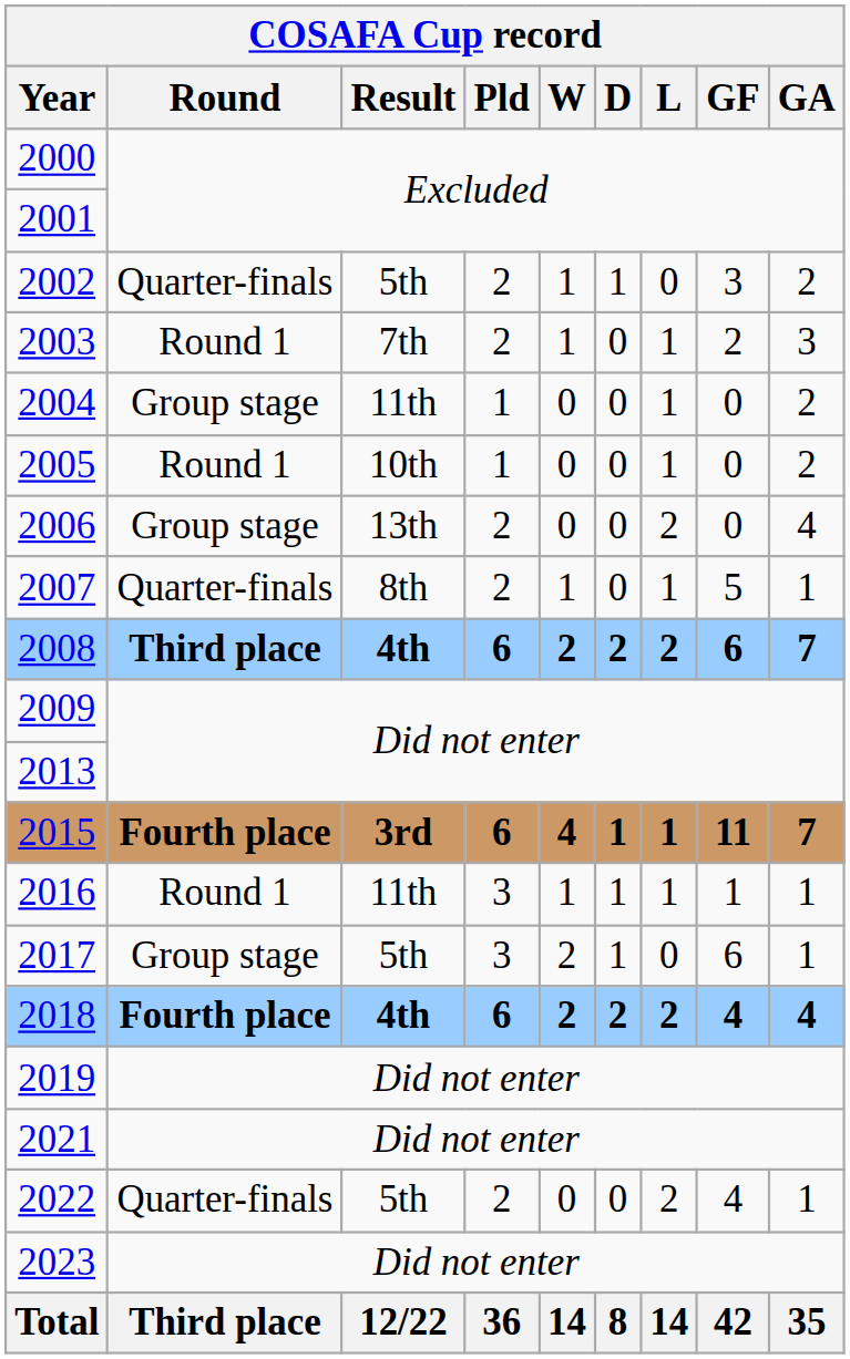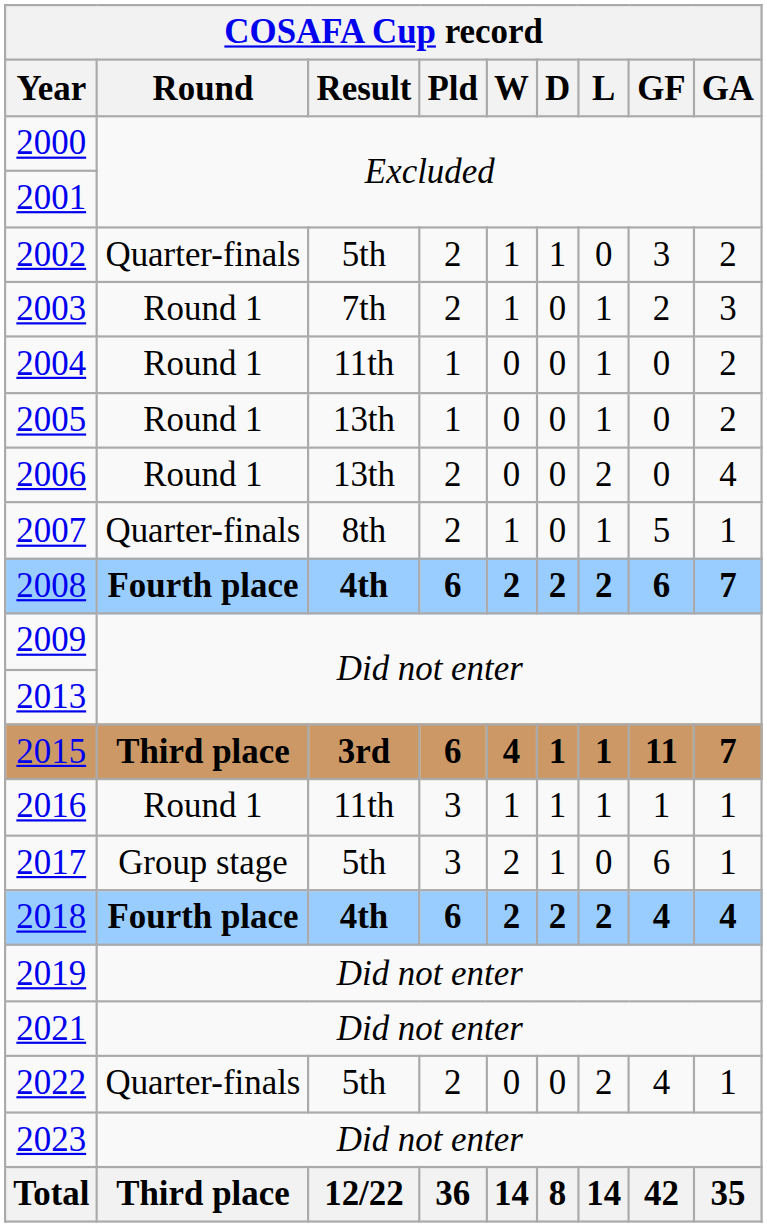 <table class="wikitable" style="text-align: center;">
 <tr>
 <th colspan=9><a href='#'>COSAFA Cup</a> record</th>
 </tr>
 <tr>
 <th>Year</th>
 <th>Round</th>
 <th>Result</th>
 <th>Pld</th>
 <th>W</th>
 <th>D</th>
 <th>L</th>
 <th>GF</th>
 <th>GA</th>
 </tr>
 <tr>
 <td><a href='#'>2000</a></td>
 <td colspan=8 rowspan=2><em>Excluded</em></td>
 </tr>
 <tr>
 <td><a href='#'>2001</a></td>
 </tr>
 <tr>
 <td><a href='#'>2002</a></td>
 <td>Quarter-finals</td>
 <td>5th</td>
 <td>2</td>
 <td>1</td>
 <td>1</td>
 <td>0</td>
 <td>3</td>
 <td>2</td>
 </tr>
 <tr>
 <td><a href='#'>2003</a></td>
 <td>Round 1</td>
 <td>7th</td>
 <td>2</td>
 <td>1</td>
 <td>0</td>
 <td>1</td>
 <td>2</td>
 <td>3</td>
 </tr>
 <tr>
 <td><a href='#'>2004</a></td>
-<td>Group stage</td>
+<td>Round 1</td>
 <td>11th</td>
 <td>1</td>
 <td>0</td>
 <td>0</td>
 <td>1</td>
 <td>0</td>
 <td>2</td>
 </tr>
 <tr>
 <td><a href='#'>2005</a></td>
 <td>Round 1</td>
-<td>10th</td>
+<td>13th</td>
 <td>1</td>
 <td>0</td>
 <td>0</td>
 <td>1</td>
 <td>0</td>
 <td>2</td>
 </tr>
 <tr>
 <td><a href='#'>2006</a></td>
-<td>Group stage</td>
+<td>Round 1</td>
 <td>13th</td>
 <td>2</td>
 <td>0</td>
 <td>0</td>
 <td>2</td>
 <td>0</td>
 <td>4</td>
 </tr>
 <tr>
 <td><a href='#'>2007</a></td>
 <td>Quarter-finals</td>
 <td>8th</td>
 <td>2</td>
 <td>1</td>
 <td>0</td>
 <td>1</td>
 <td>5</td>
 <td>1</td>
 </tr>
 <tr style="background:#9acdff;">
 <td> <a href='#'>2008</a></td>
-<td colspan=1><strong>Third place</strong></td>
+<td><strong>Fourth place</strong></td>
 <td><strong>4th</strong></td>
 <td><strong>6</strong></td>
 <td><strong>2</strong></td>
 <td><strong>2</strong></td>
 <td><strong>2</strong></td>
 <td><strong>6</strong></td>
 <td><strong>7</strong></td>
 </tr>
 <tr>
 <td> <a href='#'>2009</a></td>
 <td colspan=8 rowspan=2><em>Did not enter</em></td>
 </tr>
 <tr>
 <td> <a href='#'>2013</a></td>
 </tr>
 <tr style="background:#c96;">
 <td> <a href='#'>2015</a></td>
-<td><strong>Fourth place</strong></td>
+<td colspan=1><strong>Third place</strong></td>
 <td><strong>3rd</strong></td>
 <td><strong>6</strong></td>
 <td><strong>4</strong></td>
 <td><strong>1</strong></td>
 <td><strong>1</strong></td>
 <td><strong>11</strong></td>
 <td><strong>7</strong></td>
 </tr>
 <tr>
 <td> <a href='#'>2016</a></td>
 <td>Round 1</td>
 <td>11th</td>
 <td>3</td>
 <td>1</td>
 <td>1</td>
 <td>1</td>
 <td>1</td>
 <td>1</td>
 </tr>
 <tr>
 <td> <a href='#'>2017</a></td>
 <td>Group stage</td>
 <td>5th</td>
 <td>3</td>
 <td>2</td>
 <td>1</td>
 <td>0</td>
 <td>6</td>
 <td>1</td>
 </tr>
 <tr style="background:#9acdff;">
 <td> <a href='#'>2018</a></td>
 <td><strong>Fourth place</strong></td>
 <td><strong>4th</strong></td>
 <td><strong>6</strong></td>
 <td><strong>2</strong></td>
 <td><strong>2</strong></td>
 <td><strong>2</strong></td>
 <td><strong>4</strong></td>
 <td><strong>4</strong></td>
 </tr>
 <tr>
 <td> <a href='#'>2019</a></td>
 <td colspan=8 rowspan=1><em>Did not enter</em></td>
 </tr>
 <tr>
 <td> <a href='#'>2021</a></td>
 <td colspan=8 rowspan=1><em>Did not enter</em></td>
 </tr>
 <tr>
 <td> <a href='#'>2022</a></td>
 <td>Quarter-finals</td>
 <td>5th</td>
 <td>2</td>
 <td>0</td>
 <td>0</td>
 <td>2</td>
 <td>4</td>
 <td>1</td>
 </tr>
 <tr>
 <td> <a href='#'>2023</a></td>
 <td colspan=8 rowspan=1><em>Did not enter</em></td>
 </tr>
 <tr>
 <th>Total</th>
 <th>Third place</th>
 <th>12/22</th>
 <th>36</th>
 <th>14</th>
 <th>8</th>
 <th>14</th>
 <th>42</th>
 <th>35</th>
 </tr>
 </table>
